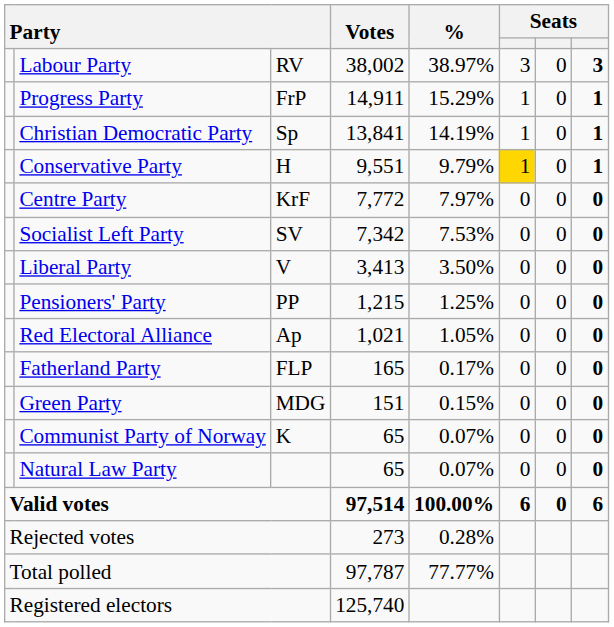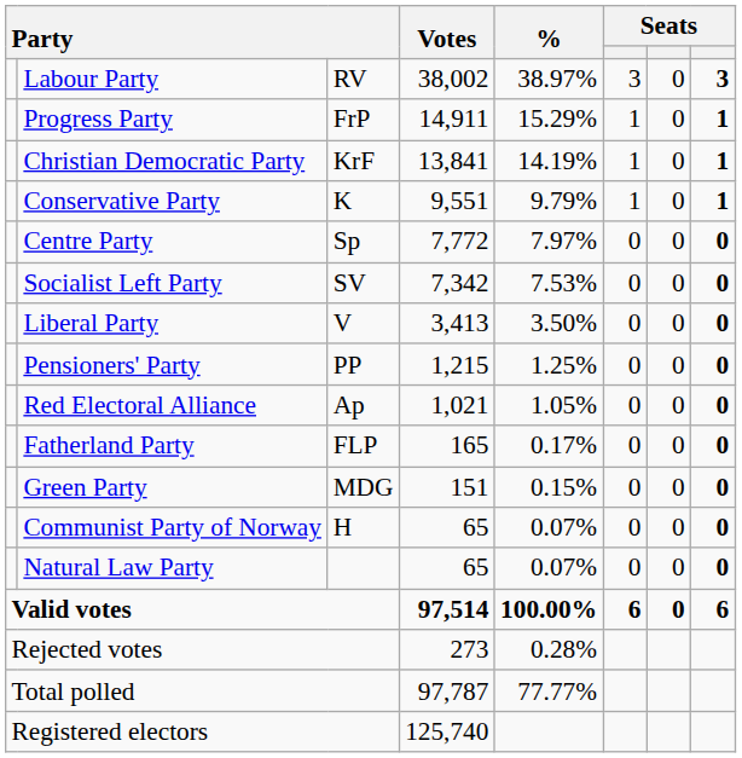 <table class="wikitable" border="1" style="text-align:right;">
 <tr>
 <th style="text-align:left;" valign=bottom rowspan=2 colspan=3>Party</th>
 <th align=center valign=bottom rowspan=2 width="50">Votes</th>
 <th align=center valign=bottom rowspan=2 width="50">%</th>
 <th colspan=3>Seats</th>
 </tr>
 <tr>
 <th align=center valign=bottom width="20"><small></small></th>
 <th align=center valign=bottom width="20"><small><a href='#'></a></small></th>
 <th align=center valign=bottom width="20"><small></small></th>
 </tr>
 <tr>
 <td style="color:inherit;background:"></td>
 <td align=left><a href='#'>Labour Party</a></td>
 <td align=left>RV</td>
 <td>38,002</td>
 <td>38.97%</td>
 <td>3</td>
 <td>0</td>
 <td><strong>3</strong></td>
 </tr>
 <tr>
 <td style="color:inherit;background:"></td>
 <td align=left><a href='#'>Progress Party</a></td>
 <td align=left>FrP</td>
 <td>14,911</td>
 <td>15.29%</td>
 <td>1</td>
 <td>0</td>
 <td><strong>1</strong></td>
 </tr>
 <tr>
 <td style="color:inherit;background:"></td>
 <td align=left><a href='#'>Christian Democratic Party</a></td>
-<td align=left>Sp</td>
+<td align=left>KrF</td>
 <td>13,841</td>
 <td>14.19%</td>
 <td>1</td>
 <td>0</td>
 <td><strong>1</strong></td>
 </tr>
 <tr>
 <td style="color:inherit;background:"></td>
 <td align=left><a href='#'>Conservative Party</a></td>
-<td align=left>H</td>
+<td align=left>K</td>
 <td>9,551</td>
 <td>9.79%</td>
-<td style="background: gold;">1</td>
+<td>1</td>
 <td>0</td>
 <td><strong>1</strong></td>
 </tr>
 <tr>
 <td style="color:inherit;background:"></td>
 <td align=left><a href='#'>Centre Party</a></td>
-<td align=left>KrF</td>
+<td align=left>Sp</td>
 <td>7,772</td>
 <td>7.97%</td>
 <td>0</td>
 <td>0</td>
 <td><strong>0</strong></td>
 </tr>
 <tr>
 <td style="color:inherit;background:"></td>
 <td align=left><a href='#'>Socialist Left Party</a></td>
 <td align=left>SV</td>
 <td>7,342</td>
 <td>7.53%</td>
 <td>0</td>
 <td>0</td>
 <td><strong>0</strong></td>
 </tr>
 <tr>
 <td style="color:inherit;background:"></td>
 <td align=left><a href='#'>Liberal Party</a></td>
 <td align=left>V</td>
 <td>3,413</td>
 <td>3.50%</td>
 <td>0</td>
 <td>0</td>
 <td><strong>0</strong></td>
 </tr>
 <tr>
 <td style="color:inherit;background:"></td>
 <td align=left><a href='#'>Pensioners' Party</a></td>
 <td align=left>PP</td>
 <td>1,215</td>
 <td>1.25%</td>
 <td>0</td>
 <td>0</td>
 <td><strong>0</strong></td>
 </tr>
 <tr>
 <td style="color:inherit;background:"></td>
 <td align=left><a href='#'>Red Electoral Alliance</a></td>
 <td align=left>Ap</td>
 <td>1,021</td>
 <td>1.05%</td>
 <td>0</td>
 <td>0</td>
 <td><strong>0</strong></td>
 </tr>
 <tr>
 <td style="color:inherit;background:"></td>
 <td align=left><a href='#'>Fatherland Party</a></td>
 <td align=left>FLP</td>
 <td>165</td>
 <td>0.17%</td>
 <td>0</td>
 <td>0</td>
 <td><strong>0</strong></td>
 </tr>
 <tr>
 <td style="color:inherit;background:"></td>
 <td align=left><a href='#'>Green Party</a></td>
 <td align=left>MDG</td>
 <td>151</td>
 <td>0.15%</td>
 <td>0</td>
 <td>0</td>
 <td><strong>0</strong></td>
 </tr>
 <tr>
 <td style="color:inherit;background:"></td>
 <td align=left><a href='#'>Communist Party of Norway</a></td>
-<td align=left>K</td>
+<td align=left>H</td>
 <td>65</td>
 <td>0.07%</td>
 <td>0</td>
 <td>0</td>
 <td><strong>0</strong></td>
 </tr>
 <tr>
 <td></td>
 <td align=left><a href='#'>Natural Law Party</a></td>
 <td align=left></td>
 <td>65</td>
 <td>0.07%</td>
 <td>0</td>
 <td>0</td>
 <td><strong>0</strong></td>
 </tr>
 <tr style="font-weight:bold">
 <td align=left colspan=3>Valid votes</td>
 <td>97,514</td>
 <td>100.00%</td>
 <td>6</td>
 <td>0</td>
 <td>6</td>
 </tr>
 <tr>
 <td align=left colspan=3>Rejected votes</td>
 <td>273</td>
 <td>0.28%</td>
 <td></td>
 <td></td>
 <td></td>
 </tr>
 <tr>
 <td align=left colspan=3>Total polled</td>
 <td>97,787</td>
 <td>77.77%</td>
 <td></td>
 <td></td>
 <td></td>
 </tr>
 <tr>
 <td align=left colspan=3>Registered electors</td>
 <td>125,740</td>
 <td></td>
 <td></td>
 <td></td>
 <td></td>
 </tr>
 </table>
